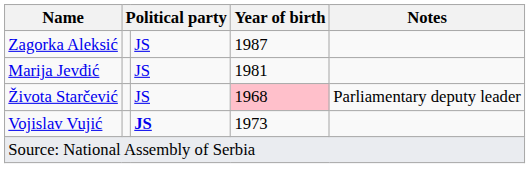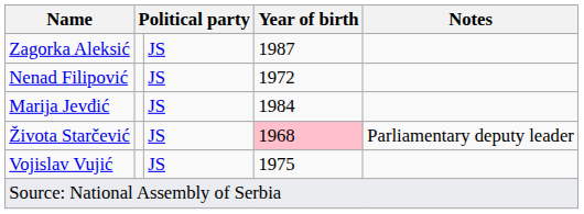 <table class="wikitable sortable" style="text-align:left">
 <tr>
 <th>Name</th>
 <th colspan="2">Political party</th>
 <th>Year of birth</th>
 <th>Notes</th>
 </tr>
 <tr>
 <td><a href='#'>Zagorka Aleksić</a></td>
 <td width="1" style="color:inherit;background: "></td>
 <td><a href='#'>JS</a></td>
 <td>1987</td>
 <td></td>
 </tr>
 <tr>
+<td><a href='#'>Nenad Filipović</a></td>
+<td width="1" style="color:inherit;background: "></td>
+<td><a href='#'>JS</a></td>
+<td>1972</td>
+<td></td>
+</tr>
+<tr>
 <td><a href='#'>Marija Jevđić</a></td>
 <td width="1" style="color:inherit;background: "></td>
 <td><a href='#'>JS</a></td>
-<td>1981</td>
+<td>1984</td>
 <td></td>
 </tr>
 <tr>
 <td><a href='#'>Života Starčević</a></td>
 <td width="1" style="color:inherit;background: "></td>
 <td><a href='#'>JS</a></td>
 <td style="background: pink;">1968</td>
 <td>Parliamentary deputy leader</td>
 </tr>
 <tr>
 <td><a href='#'>Vojislav Vujić</a></td>
 <td width="1" style="color:inherit;background: "></td>
-<td><strong><a href='#'>JS</a></strong></td>
-<td>1973</td>
+<td><a href='#'>JS</a></td>
+<td>1975</td>
 <td></td>
 </tr>
 <tr>
 <td style="background-color:#EAECF0" colspan="5">Source: National Assembly of Serbia</td>
 </tr>
 </table>
